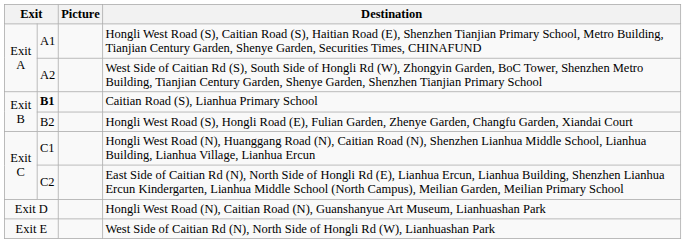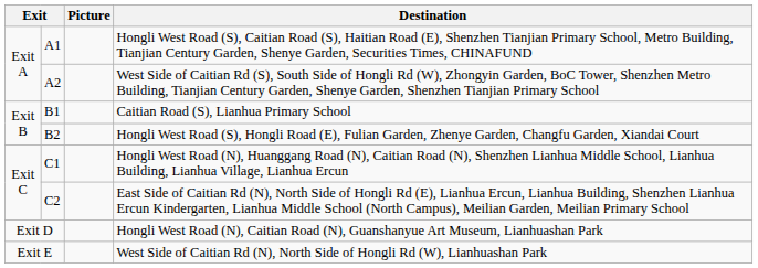 <table class="wikitable">
 <tr>
 <th style="width:70px" colspan="2">Exit</th>
 <th>Picture</th>
 <th>Destination</th>
 </tr>
 <tr>
 <td align="center" rowspan="2">Exit A</td>
 <td>A1</td>
 <td></td>
 <td>Hongli West Road (S), Caitian Road (S), Haitian Road (E), Shenzhen Tianjian Primary School, Metro Building, Tianjian Century Garden, Shenye Garden, Securities Times, CHINAFUND</td>
 </tr>
 <tr>
 <td>A2</td>
 <td></td>
 <td>West Side of Caitian Rd (S), South Side of Hongli Rd (W), Zhongyin Garden, BoC Tower, Shenzhen Metro Building, Tianjian Century Garden, Shenye Garden, Shenzhen Tianjian Primary School</td>
 </tr>
 <tr>
 <td align="center" rowspan="2">Exit B</td>
-<td><strong>B1</strong></td>
+<td>B1</td>
 <td></td>
 <td>Caitian Road (S), Lianhua Primary School</td>
 </tr>
 <tr>
 <td>B2</td>
 <td></td>
 <td>Hongli West Road (S), Hongli Road (E), Fulian Garden, Zhenye Garden, Changfu Garden, Xiandai Court</td>
 </tr>
 <tr>
 <td align="center" rowspan="2">Exit C</td>
 <td>C1</td>
 <td></td>
 <td>Hongli West Road (N), Huanggang Road (N), Caitian Road (N), Shenzhen Lianhua Middle School, Lianhua Building, Lianhua Village, Lianhua Ercun</td>
 </tr>
 <tr>
 <td>C2</td>
 <td></td>
 <td>East Side of Caitian Rd (N), North Side of Hongli Rd (E), Lianhua Ercun, Lianhua Building, Shenzhen Lianhua Ercun Kindergarten, Lianhua Middle School (North Campus), Meilian Garden, Meilian Primary School</td>
 </tr>
 <tr>
 <td align="center" colspan="2">Exit D</td>
 <td></td>
 <td>Hongli West Road (N), Caitian Road (N), Guanshanyue Art Museum, Lianhuashan Park</td>
 </tr>
 <tr>
 <td align="center" colspan="2">Exit E</td>
 <td></td>
 <td>West Side of Caitian Rd (N), North Side of Hongli Rd (W), Lianhuashan Park</td>
 </tr>
 </table>
